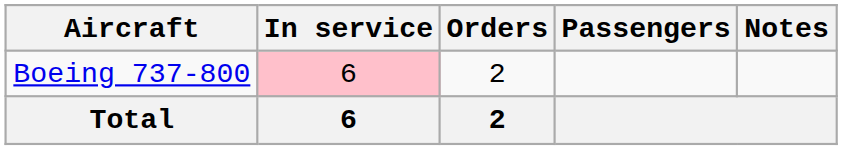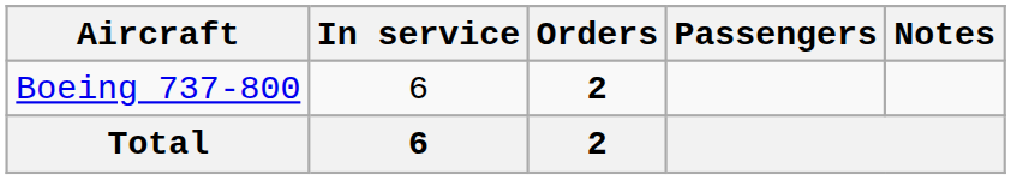 <table class="wikitable" style="border-collapse:collapse;text-align:center;margin:auto;">
 <tr>
 <th>Aircraft</th>
 <th>In service</th>
 <th>Orders</th>
 <th>Passengers</th>
 <th>Notes</th>
 </tr>
 <tr>
 <td><a href='#'>Boeing 737-800</a></td>
-<td style="background: pink;">6</td>
-<td>2</td>
+<td>6</td>
+<td><strong>2</strong></td>
 <td></td>
 <td></td>
 </tr>
 <tr>
 <th>Total</th>
 <th>6</th>
 <th>2</th>
 <th colspan="4"></th>
 </tr>
 </table>
